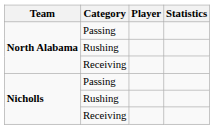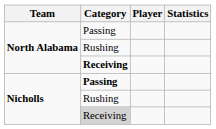 <table class="wikitable" style="float: left;">
 <tr>
 <th>Team</th>
 <th>Category</th>
 <th>Player</th>
 <th>Statistics</th>
 </tr>
 <tr>
 <td rowspan=3><strong>North Alabama</strong></td>
 <td>Passing</td>
 <td> </td>
 <td> </td>
 </tr>
 <tr>
 <td>Rushing</td>
 <td> </td>
 <td> </td>
 </tr>
 <tr>
-<td>Receiving</td>
+<td><strong>Receiving</strong></td>
 <td> </td>
 <td> </td>
 </tr>
 <tr>
 <td rowspan=3><strong>Nicholls</strong></td>
-<td>Passing</td>
+<td><strong>Passing</strong></td>
 <td> </td>
 <td> </td>
 </tr>
 <tr>
 <td>Rushing</td>
 <td> </td>
 <td> </td>
 </tr>
 <tr>
-<td>Receiving</td>
+<td style="background: lightgrey;">Receiving</td>
 <td> </td>
 <td> </td>
 </tr>
 </table>
